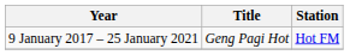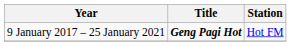 <table class="wikitable">
 <tr>
 <th>Year</th>
 <th>Title</th>
 <th>Station</th>
 </tr>
 <tr>
 <td>9 January 2017 – 25 January 2021</td>
-<td><em>Geng Pagi Hot</em></td>
+<td><strong><em>Geng Pagi Hot</em></strong></td>
 <td><a href='#'>Hot FM</a></td>
 </tr>
 <tr>
 </tr>
 </table>
